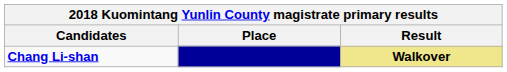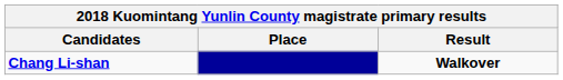 <table class="wikitable collapsible">
 <tr>
 <th colspan="6" width=600>2018 Kuomintang <a href='#'>Yunlin County</a> magistrate primary results</th>
 </tr>
 <tr>
 <th width=80>Candidates</th>
 <th width=80>Place</th>
 <th width=80>Result</th>
 </tr>
 <tr>
 <td><strong><a href='#'>Chang Li-shan</a></strong></td>
 <td style="background: #000099; text-align:center"><strong></strong></td>
-<td style="background: khaki; text-align:center"><strong>Walkover</strong></td>
+<td style="text-align:center"><strong>Walkover</strong></td>
 </tr>
 </table>
